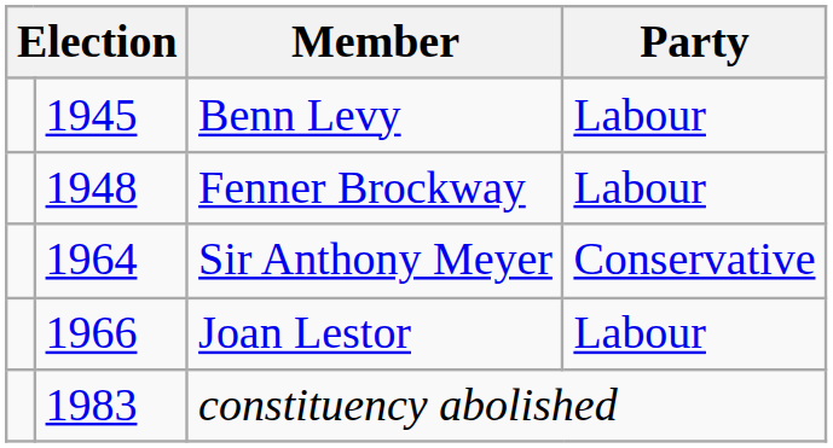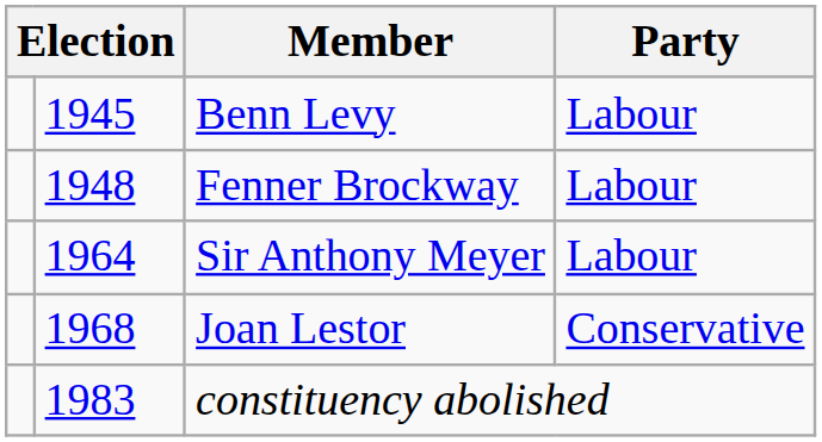 <table class="wikitable">
 <tr>
 <th colspan="2">Election</th>
 <th>Member</th>
 <th>Party</th>
 </tr>
 <tr>
 <td style="color:inherit;background-color: "></td>
 <td><a href='#'>1945</a></td>
 <td><a href='#'>Benn Levy</a></td>
 <td><a href='#'>Labour</a></td>
 </tr>
 <tr>
 <td style="color:inherit;background-color: "></td>
 <td><a href='#'>1948</a></td>
 <td><a href='#'>Fenner Brockway</a></td>
 <td><a href='#'>Labour</a></td>
 </tr>
 <tr>
 <td style="color:inherit;background-color: "></td>
 <td><a href='#'>1964</a></td>
 <td><a href='#'>Sir Anthony Meyer</a></td>
-<td><a href='#'>Conservative</a></td>
+<td><a href='#'>Labour</a></td>
 </tr>
 <tr>
 <td style="color:inherit;background-color: "></td>
-<td><a href='#'>1966</a></td>
+<td><a href='#'>1968</a></td>
 <td><a href='#'>Joan Lestor</a></td>
-<td><a href='#'>Labour</a></td>
+<td><a href='#'>Conservative</a></td>
 </tr>
 <tr>
 <td></td>
 <td><a href='#'>1983</a></td>
 <td colspan="2"><em>constituency abolished</em></td>
 </tr>
 </table>
